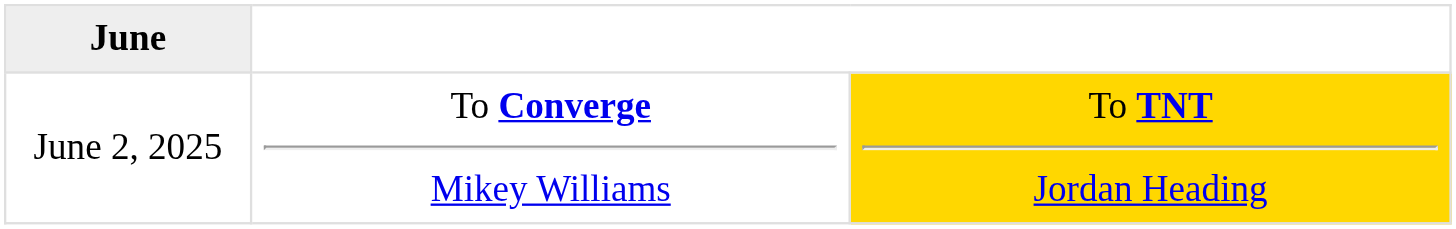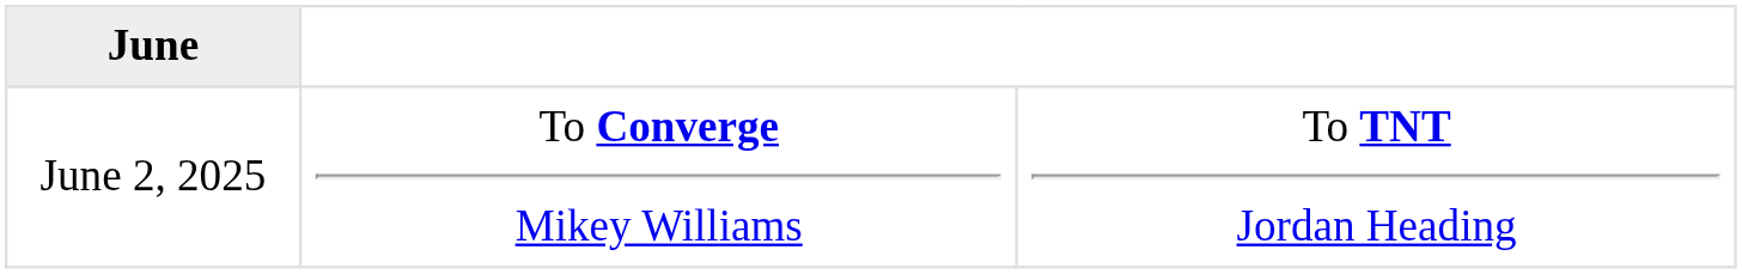 <table border=1 style="border-collapse:collapse; text-align: center; width: 100%" bordercolor="#DFDFDF"  cellpadding="5">
 <tr bgcolor="eeeeee">
 <th>June</th>
 </tr>
 <tr>
 <td style="width:12%" rowspan=2>June 2, 2025</td>
 <td style="width:29.3%" valign="top">To <strong><a href='#'>Converge</a></strong><hr><a href='#'>Mikey Williams</a></td>
-<td style="background: gold; width:29.3%" valign="top">To <strong><a href='#'>TNT</a></strong><hr><a href='#'>Jordan Heading</a></td>
+<td style="width:29.3%" valign="top">To <strong><a href='#'>TNT</a></strong><hr><a href='#'>Jordan Heading</a></td>
 </tr>
 </table>
